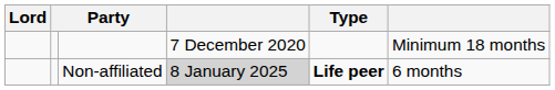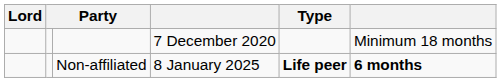 <table class="wikitable">
 <tr>
 <th>Lord</th>
 <th colspan=2>Party</th>
 <th></th>
 <th>Type</th>
 <th></th>
 </tr>
 <tr>
 <td><br></td>
 <td></td>
 <td></td>
 <td>7 December 2020</td>
 <td></td>
 <td>Minimum 18 months</td>
 </tr>
 <tr>
 <td></td>
 <td></td>
 <td>Non-affiliated</td>
-<td style="background: lightgrey;">8 January 2025</td>
+<td>8 January 2025</td>
 <td><strong>Life peer</strong></td>
-<td>6 months</td>
+<td><strong>6 months</strong></td>
 </tr>
 </table>
